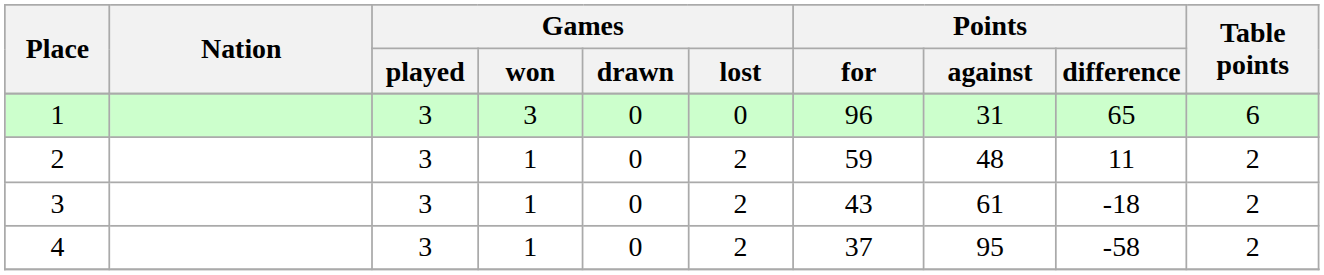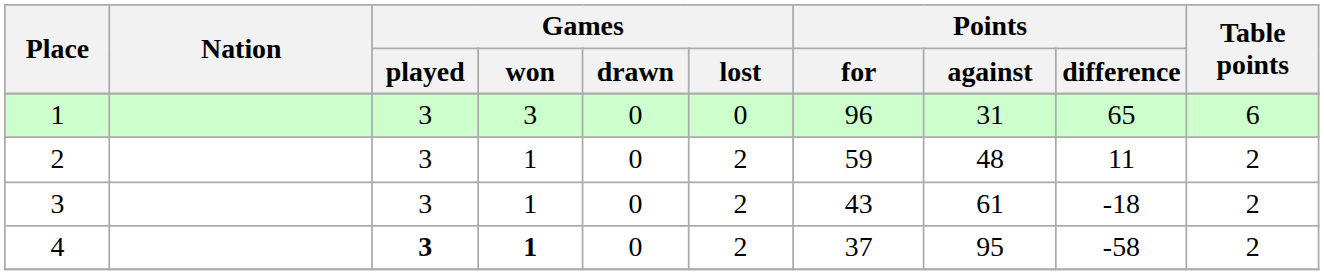 <table class="wikitable">
 <tr>
 <th rowspan=2 width="8%">Place</th>
 <th rowspan=2 width="20%">Nation</th>
 <th colspan=4 width="32%">Games</th>
 <th colspan=3 width="30%">Points</th>
 <th rowspan=2 width="10%">Table<br>points</th>
 </tr>
 <tr>
 <th width="8%">played</th>
 <th width="8%">won</th>
 <th width="8%">drawn</th>
 <th width="8%">lost</th>
 <th width="10%">for</th>
 <th width="10%">against</th>
 <th width="10%">difference</th>
 </tr>
 <tr>
 </tr>
 <tr bgcolor=#ccffcc align=center>
 <td>1</td>
 <td align=left><strong></strong></td>
 <td>3</td>
 <td>3</td>
 <td>0</td>
 <td>0</td>
 <td>96</td>
 <td>31</td>
 <td>65</td>
 <td>6</td>
 </tr>
 <tr bgcolor=#ffffff align=center>
 <td>2</td>
 <td align=left></td>
 <td>3</td>
 <td>1</td>
 <td>0</td>
 <td>2</td>
 <td>59</td>
 <td>48</td>
 <td>11</td>
 <td>2</td>
 </tr>
 <tr bgcolor=#ffffff align=center>
 <td>3</td>
 <td align=left></td>
 <td>3</td>
 <td>1</td>
 <td>0</td>
 <td>2</td>
 <td>43</td>
 <td>61</td>
 <td>-18</td>
 <td>2</td>
 </tr>
 <tr bgcolor=#ffffff align=center>
 <td>4</td>
 <td align=left></td>
-<td>3</td>
-<td>1</td>
+<td><strong>3</strong></td>
+<td><strong>1</strong></td>
 <td>0</td>
 <td>2</td>
 <td>37</td>
 <td>95</td>
 <td>-58</td>
 <td>2</td>
 </tr>
 <tr bgcolor=#ffcccc align=center>
 </tr>
 </table>
